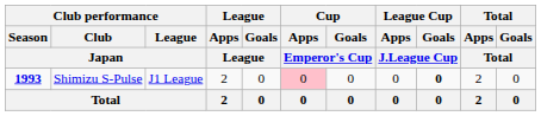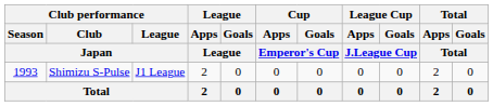 <table class="wikitable" style="text-align:center;">
 <tr>
 <th colspan=3>Club performance</th>
 <th colspan=2>League</th>
 <th colspan=2>Cup</th>
 <th colspan=2>League Cup</th>
 <th colspan=2>Total</th>
 </tr>
 <tr>
 <th>Season</th>
 <th>Club</th>
 <th>League</th>
 <th>Apps</th>
 <th>Goals</th>
 <th>Apps</th>
 <th>Goals</th>
 <th>Apps</th>
 <th>Goals</th>
 <th>Apps</th>
 <th>Goals</th>
 </tr>
 <tr>
 <th colspan=3>Japan</th>
 <th colspan=2>League</th>
 <th colspan=2><a href='#'>Emperor's Cup</a></th>
 <th colspan=2><a href='#'>J.League Cup</a></th>
 <th colspan=2>Total</th>
 </tr>
 <tr>
-<td><strong><a href='#'>1993</a></strong></td>
+<td><a href='#'>1993</a></td>
 <td><a href='#'>Shimizu S-Pulse</a></td>
 <td><a href='#'>J1 League</a></td>
 <td>2</td>
 <td>0</td>
-<td style="background: pink;">0</td>
 <td>0</td>
 <td>0</td>
-<td><strong>0</strong></td>
+<td>0</td>
+<td>0</td>
 <td>2</td>
 <td>0</td>
 </tr>
 <tr>
 <th colspan=3>Total</th>
 <th>2</th>
 <th>0</th>
 <th>0</th>
 <th>0</th>
 <th>0</th>
 <th>0</th>
 <th>2</th>
 <th>0</th>
 </tr>
 </table>
